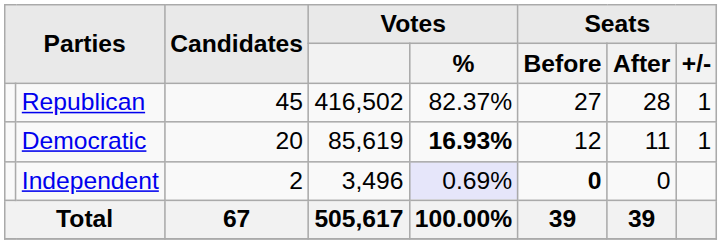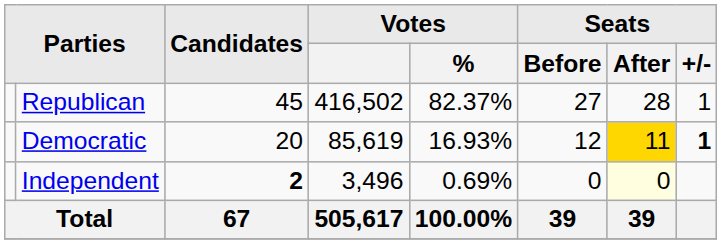 <table class=wikitable>
 <tr>
 <th style="background-color:#E9E9E9" align=center rowspan= 2 colspan=2>Parties</th>
 <th style="background-color:#E9E9E9" align=center rowspan= 2>Candidates</th>
 <th style="background-color:#E9E9E9" align=center colspan=2>Votes</th>
 <th style="background-color:#E9E9E9" align=center colspan=4>Seats</th>
 </tr>
 <tr>
 <th align=center></th>
 <th align=center>%</th>
 <th align=center>Before</th>
 <th align=center>After</th>
 <th align=center>+/-</th>
 </tr>
 <tr>
 <td></td>
 <td align=left><a href='#'>Republican</a></td>
 <td align=right>45</td>
 <td align=right>416,502</td>
 <td align=right>82.37%</td>
 <td align=right>27</td>
 <td align=right>28</td>
 <td align=right> 1</td>
 </tr>
 <tr>
 <td></td>
 <td align=left><a href='#'>Democratic</a></td>
 <td align=right>20</td>
 <td align=right>85,619</td>
-<td align=right><strong>16.93%</strong></td>
+<td align=right>16.93%</td>
 <td align=right>12</td>
-<td align=right>11</td>
-<td align=right> 1</td>
+<td align=right style="background: gold;">11</td>
+<td align=right><strong> 1</strong></td>
 </tr>
 <tr>
 <td></td>
 <td><a href='#'>Independent</a></td>
-<td align=right>2</td>
+<td align=right><strong>2</strong></td>
 <td align=right>3,496</td>
-<td align=right style="background: lavender;">0.69%</td>
-<td align=right><strong>0</strong></td>
+<td align=right>0.69%</td>
 <td align=right>0</td>
+<td align=right style="background: lightyellow;">0</td>
 <td align=right></td>
 </tr>
 <tr>
 <th align=center colspan="2">Total</th>
 <th align=center>67</th>
 <th align=center>505,617</th>
 <th align=center>100.00%</th>
 <th align=center>39</th>
 <th align=center>39</th>
 <th align=center></th>
 </tr>
 <tr>
 </tr>
 </table>
